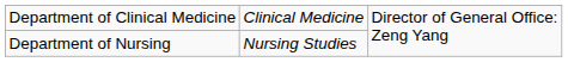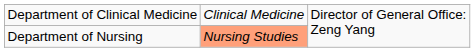 <table class="wikitable">
 <tr valign="top">
 <td>Department of Clinical Medicine</td>
 <td><em>Clinical Medicine</em></td>
 <td rowspan="2">Director of General Office:<br>Zeng Yang</td>
 </tr>
 <tr valign="top">
 <td>Department of Nursing</td>
-<td><em>Nursing Studies</em></td>
+<td style="background: lightsalmon;"><em>Nursing Studies</em></td>
 </tr>
 </table>
